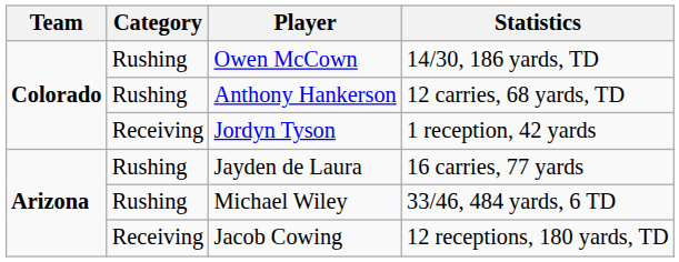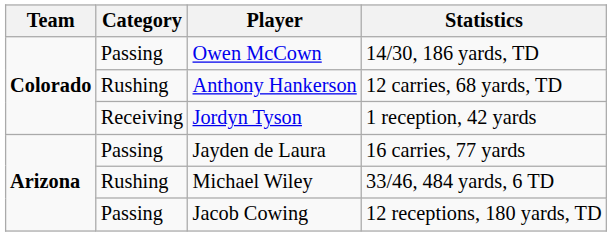 <table class="wikitable" style="float: right;">
 <tr>
 <th>Team</th>
 <th>Category</th>
 <th>Player</th>
 <th>Statistics</th>
 </tr>
 <tr>
 <td rowspan=3><strong>Colorado</strong></td>
-<td>Rushing</td>
+<td>Passing</td>
 <td><a href='#'>Owen McCown</a></td>
 <td>14/30, 186 yards, TD</td>
 </tr>
 <tr>
 <td>Rushing</td>
 <td><a href='#'>Anthony Hankerson</a></td>
 <td>12 carries, 68 yards, TD</td>
 </tr>
 <tr>
 <td>Receiving</td>
 <td><a href='#'>Jordyn Tyson</a></td>
 <td>1 reception, 42 yards</td>
 </tr>
 <tr>
 <td rowspan=3><strong>Arizona</strong></td>
-<td>Rushing</td>
+<td>Passing</td>
 <td>Jayden de Laura</td>
 <td>16 carries, 77 yards</td>
 </tr>
 <tr>
 <td>Rushing</td>
 <td>Michael Wiley</td>
 <td>33/46, 484 yards, 6 TD</td>
 </tr>
 <tr>
-<td>Receiving</td>
+<td>Passing</td>
 <td>Jacob Cowing</td>
 <td>12 receptions, 180 yards, TD</td>
 </tr>
 </table>
